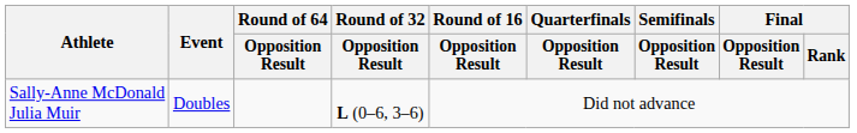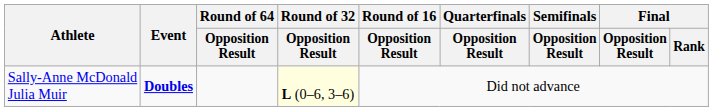 <table class="wikitable" style="font-size:90%">
 <tr>
 <th rowspan="2">Athlete</th>
 <th rowspan="2">Event</th>
 <th>Round of 64</th>
 <th>Round of 32</th>
 <th>Round of 16</th>
 <th>Quarterfinals</th>
 <th>Semifinals</th>
 <th colspan=2>Final</th>
 </tr>
 <tr style="font-size:95%">
 <th>Opposition<br>Result</th>
 <th>Opposition<br>Result</th>
 <th>Opposition<br>Result</th>
 <th>Opposition<br>Result</th>
 <th>Opposition<br>Result</th>
 <th>Opposition<br>Result</th>
 <th>Rank</th>
 </tr>
 <tr align=center>
 <td align=left><a href='#'>Sally-Anne McDonald</a><br><a href='#'>Julia Muir</a></td>
-<td align=left><a href='#'>Doubles</a></td>
+<td align=left><strong><a href='#'>Doubles</a></strong></td>
 <td></td>
-<td><br><strong>L</strong> (0–6, 3–6)</td>
+<td style="background: lightyellow;"><br><strong>L</strong> (0–6, 3–6)</td>
 <td colspan=5>Did not advance</td>
 </tr>
 </table>
